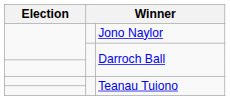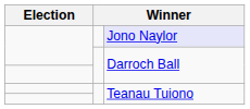 <table class=wikitable>
 <tr>
 <th width=100>Election</th>
 <th width=175 colspan=2>Winner</th>
 </tr>
 <tr>
 <td rowspan=2></td>
 <td width=5 bgcolor=></td>
-<td><a href='#'>Jono Naylor</a></td>
+<td style="background: lavender;"><a href='#'>Jono Naylor</a></td>
 </tr>
 <tr>
 <td height=15 style="border-bottom:solid 0 grey; background:"></td>
 <td rowspan=2><a href='#'>Darroch Ball</a></td>
 </tr>
 <tr>
 <td></td>
 <td height=15 style="border-top:solid 0 grey; background:"></td>
 </tr>
 <tr>
 <td></td>
 <td rowspan=2 width=5 bgcolor=></td>
 <td rowspan=2><a href='#'>Teanau Tuiono</a></td>
 </tr>
 <tr>
 <td></td>
 </tr>
 </table>
